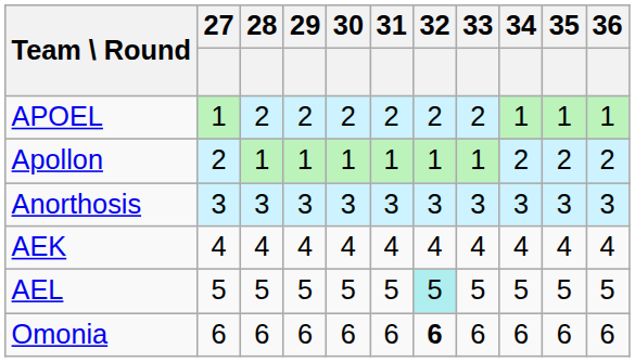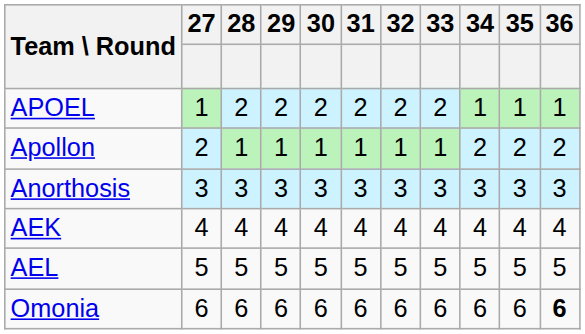 <table class="wikitable sortable" style="font-size: 100%; text-align:center;">
 <tr>
 <th rowspan="2">Team \ Round</th>
 <th align=center>27</th>
 <th align=center>28</th>
 <th align=center>29</th>
 <th align=center>30</th>
 <th align=center>31</th>
 <th align=center>32</th>
 <th align=center>33</th>
 <th align=center>34</th>
 <th align=center>35</th>
 <th align=center>36</th>
 </tr>
 <tr>
 <th style="text-align:center; height:20px;"></th>
 <th align=center></th>
 <th align=center></th>
 <th align=center></th>
 <th align=center></th>
 <th align=center></th>
 <th align=center></th>
 <th align=center></th>
 <th align=center></th>
 <th align=center></th>
 </tr>
 <tr align=center>
 <td align=left><a href='#'>APOEL</a></td>
 <td style="background:#BBF3BB">1</td>
 <td style="background:#CCF3FF">2</td>
 <td style="background:#CCF3FF">2</td>
 <td style="background:#CCF3FF">2</td>
 <td style="background:#CCF3FF">2</td>
 <td style="background:#CCF3FF">2</td>
 <td style="background:#CCF3FF">2</td>
 <td style="background:#BBF3BB">1</td>
 <td style="background:#BBF3BB">1</td>
 <td style="background:#BBF3BB">1</td>
 </tr>
 <tr align=center>
 <td align=left><a href='#'>Apollon</a></td>
 <td style="background:#CCF3FF">2</td>
 <td style="background:#BBF3BB">1</td>
 <td style="background:#BBF3BB">1</td>
 <td style="background:#BBF3BB">1</td>
 <td style="background:#BBF3BB">1</td>
 <td style="background:#BBF3BB">1</td>
 <td style="background:#BBF3BB">1</td>
 <td style="background:#CCF3FF">2</td>
 <td style="background:#CCF3FF">2</td>
 <td style="background:#CCF3FF">2</td>
 </tr>
 <tr align=center>
 <td align=left><a href='#'>Anorthosis</a></td>
 <td style="background:#CCF3FF">3</td>
 <td style="background:#CCF3FF">3</td>
 <td style="background:#CCF3FF">3</td>
 <td style="background:#CCF3FF">3</td>
 <td style="background:#CCF3FF">3</td>
 <td style="background:#CCF3FF">3</td>
 <td style="background:#CCF3FF">3</td>
 <td style="background:#CCF3FF">3</td>
 <td style="background:#CCF3FF">3</td>
 <td style="background:#CCF3FF">3</td>
 </tr>
 <tr align=center>
 <td align=left><a href='#'>AEK</a></td>
 <td>4</td>
 <td>4</td>
 <td>4</td>
 <td>4</td>
 <td>4</td>
 <td>4</td>
 <td>4</td>
 <td>4</td>
 <td>4</td>
 <td>4</td>
 </tr>
 <tr align=center>
 <td align=left><a href='#'>AEL</a></td>
 <td>5</td>
 <td>5</td>
 <td>5</td>
 <td>5</td>
 <td>5</td>
-<td style="background: paleturquoise;">5</td>
+<td>5</td>
 <td>5</td>
 <td>5</td>
 <td>5</td>
 <td>5</td>
 </tr>
 <tr align=center>
 <td align=left><a href='#'>Omonia</a></td>
 <td>6</td>
 <td>6</td>
 <td>6</td>
 <td>6</td>
 <td>6</td>
-<td><strong>6</strong></td>
 <td>6</td>
 <td>6</td>
 <td>6</td>
 <td>6</td>
+<td><strong>6</strong></td>
 </tr>
 </table>
